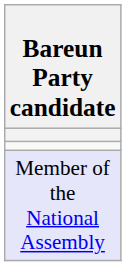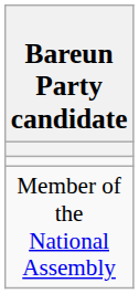 <table class="wikitable" style="font-size:90%; text-align:center;">
 <tr>
 <td style="background:#f1f1f1;" colspan="30"><br><big><strong>Bareun Party candidate</strong></big></td>
 </tr>
 <tr>
 <th style="width:3em; font-size:135%; background:"><a href='#'></a></th>
 </tr>
 <tr>
 <td></td>
 </tr>
 <tr>
-<td style="background: lavender;">Member of the<br><a href='#'>National Assembly</a><br></td>
+<td>Member of the<br><a href='#'>National Assembly</a><br></td>
 </tr>
 </table>
